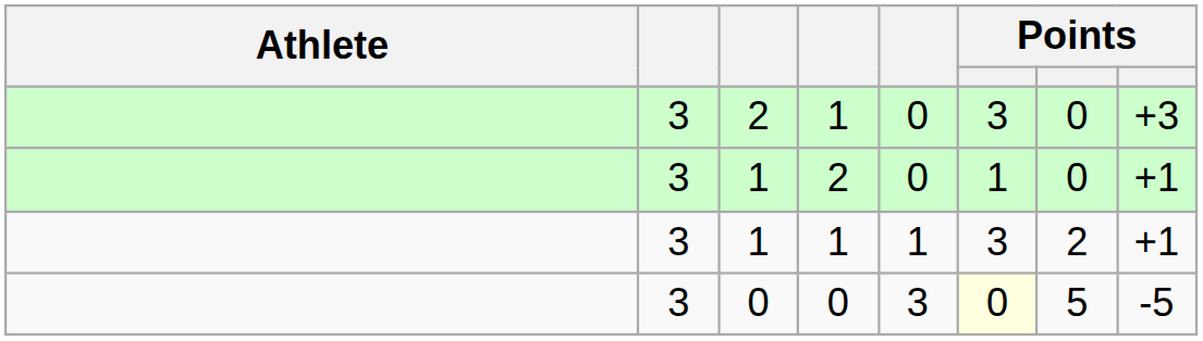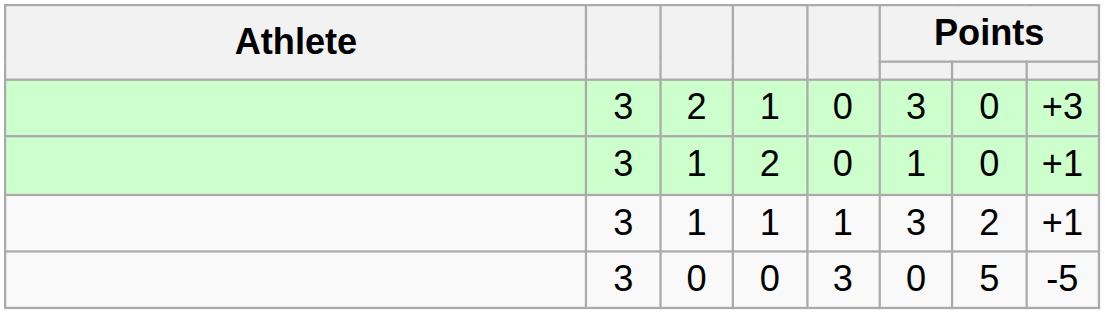 <table class="wikitable" style="text-align: center; font-size:100% ">
 <tr>
 <th rowspan=2 width=250>Athlete</th>
 <th rowspan=2 width=25></th>
 <th rowspan=2 width=25></th>
 <th rowspan=2 width=25></th>
 <th rowspan=2 width=25></th>
 <th colspan=3>Points</th>
 </tr>
 <tr>
 <th width=25></th>
 <th width=25></th>
 <th width=25></th>
 </tr>
 <tr bgcolor="ccffcc">
 <td align=left></td>
 <td>3</td>
 <td>2</td>
 <td>1</td>
 <td>0</td>
 <td>3</td>
 <td>0</td>
 <td>+3</td>
 </tr>
 <tr bgcolor="ccffcc">
 <td align=left></td>
 <td>3</td>
 <td>1</td>
 <td>2</td>
 <td>0</td>
 <td>1</td>
 <td>0</td>
 <td>+1</td>
 </tr>
 <tr>
 <td align=left></td>
 <td>3</td>
 <td>1</td>
 <td>1</td>
 <td>1</td>
 <td>3</td>
 <td>2</td>
 <td>+1</td>
 </tr>
 <tr>
 <td align=left></td>
 <td>3</td>
 <td>0</td>
 <td>0</td>
 <td>3</td>
-<td style="background: lightyellow;">0</td>
+<td>0</td>
 <td>5</td>
 <td>-5</td>
 </tr>
 </table>
